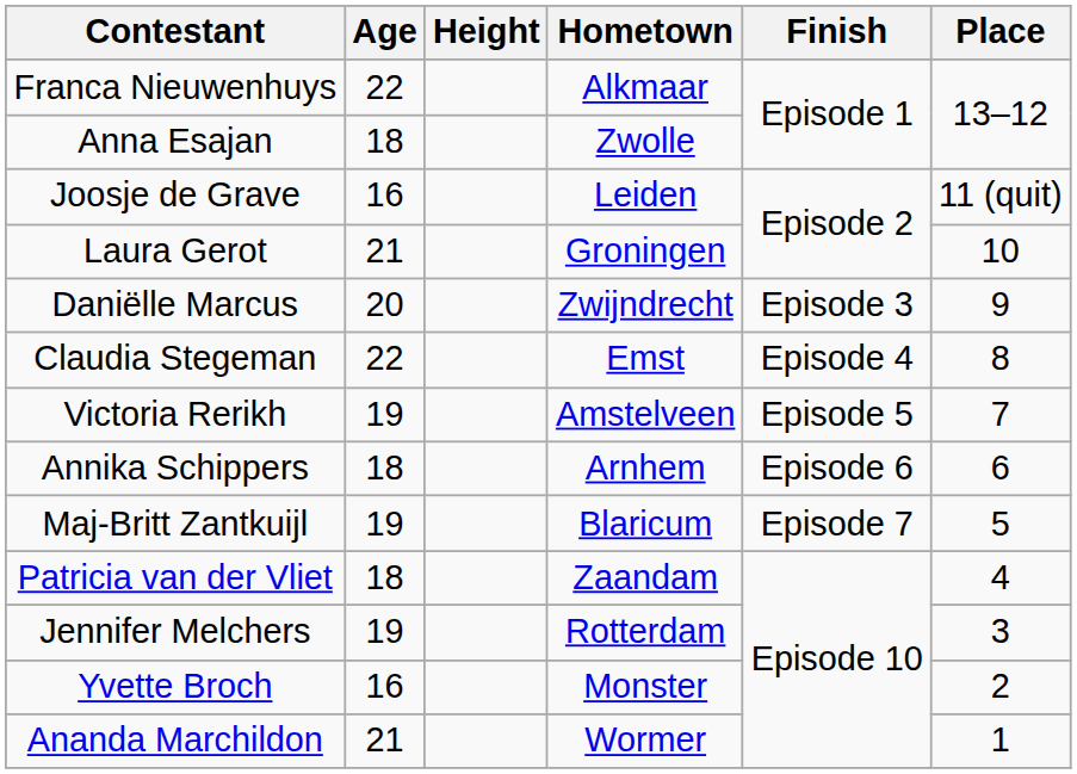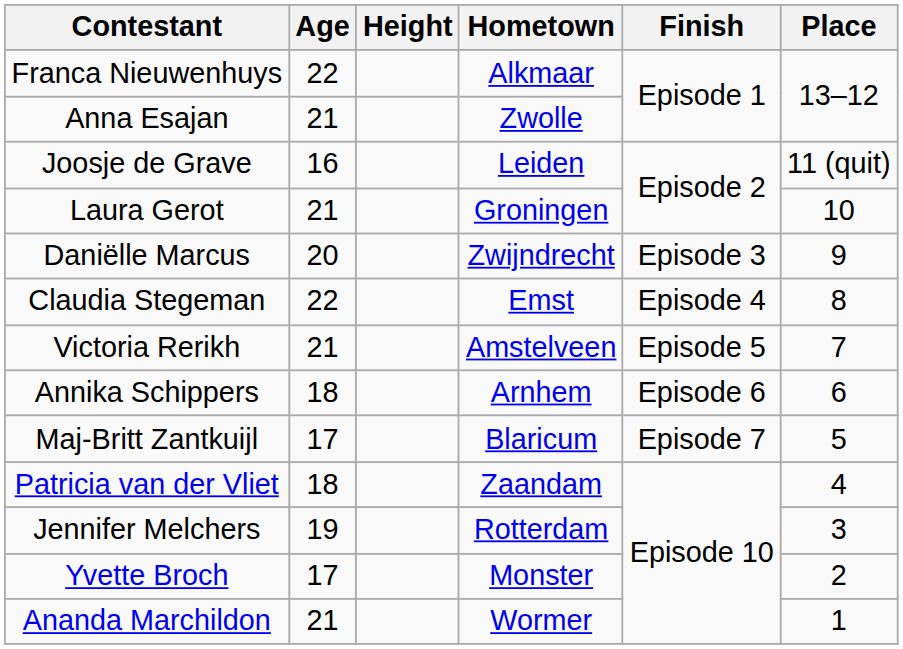 <table class="wikitable sortable" style="text-align:center;">
 <tr>
 <th>Contestant</th>
 <th>Age</th>
 <th>Height</th>
 <th>Hometown</th>
 <th>Finish</th>
 <th>Place</th>
 </tr>
 <tr>
 <td>Franca Nieuwenhuys</td>
 <td>22</td>
 <td></td>
 <td><a href='#'>Alkmaar</a></td>
 <td rowspan="2">Episode 1</td>
 <td rowspan="2">13–12</td>
 </tr>
 <tr>
 <td>Anna Esajan</td>
-<td>18</td>
+<td>21</td>
 <td></td>
 <td><a href='#'>Zwolle</a></td>
 </tr>
 <tr>
 <td>Joosje de Grave</td>
 <td>16</td>
 <td></td>
 <td><a href='#'>Leiden</a></td>
 <td rowspan="2">Episode 2</td>
 <td>11 (quit)</td>
 </tr>
 <tr>
 <td>Laura Gerot</td>
 <td>21</td>
 <td></td>
 <td><a href='#'>Groningen</a></td>
 <td>10</td>
 </tr>
 <tr>
 <td>Daniëlle Marcus</td>
 <td>20</td>
 <td></td>
 <td><a href='#'>Zwijndrecht</a></td>
 <td>Episode 3</td>
 <td>9</td>
 </tr>
 <tr>
 <td>Claudia Stegeman</td>
 <td>22</td>
 <td></td>
 <td><a href='#'>Emst</a></td>
 <td>Episode 4</td>
 <td>8</td>
 </tr>
 <tr>
 <td>Victoria Rerikh</td>
-<td>19</td>
+<td>21</td>
 <td></td>
 <td><a href='#'>Amstelveen</a></td>
 <td>Episode 5</td>
 <td>7</td>
 </tr>
 <tr>
 <td>Annika Schippers</td>
 <td>18</td>
 <td></td>
 <td><a href='#'>Arnhem</a></td>
 <td>Episode 6</td>
 <td>6</td>
 </tr>
 <tr>
 <td>Maj-Britt Zantkuijl</td>
-<td>19</td>
+<td>17</td>
 <td></td>
 <td><a href='#'>Blaricum</a></td>
 <td>Episode 7</td>
 <td>5</td>
 </tr>
 <tr>
 <td><a href='#'>Patricia van der Vliet</a></td>
 <td>18</td>
 <td></td>
 <td><a href='#'>Zaandam</a></td>
 <td rowspan="4">Episode 10</td>
 <td>4</td>
 </tr>
 <tr>
 <td>Jennifer Melchers</td>
 <td>19</td>
 <td></td>
 <td><a href='#'>Rotterdam</a></td>
 <td>3</td>
 </tr>
 <tr>
 <td><a href='#'>Yvette Broch</a></td>
-<td>16</td>
+<td>17</td>
 <td></td>
 <td><a href='#'>Monster</a></td>
 <td>2</td>
 </tr>
 <tr>
 <td><a href='#'>Ananda Marchildon</a></td>
 <td>21</td>
 <td></td>
 <td><a href='#'>Wormer</a></td>
 <td>1</td>
 </tr>
 </table>
